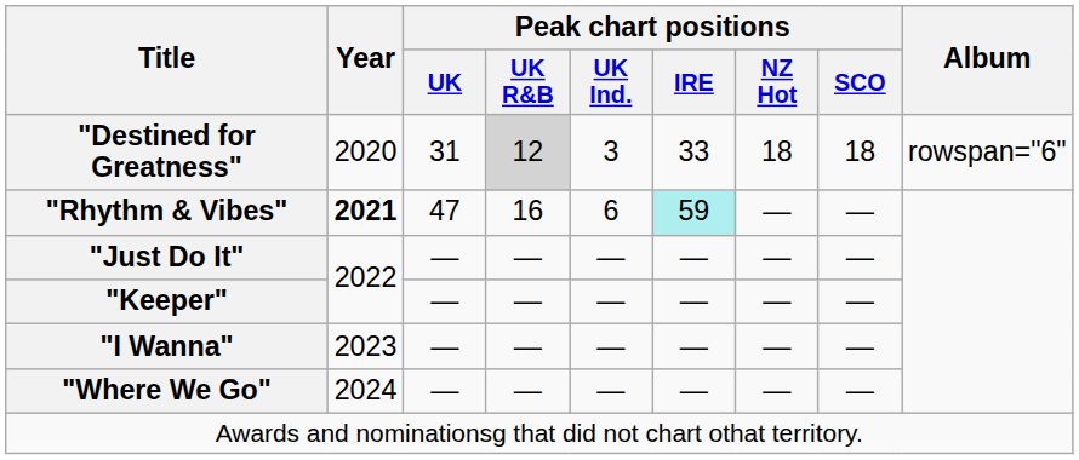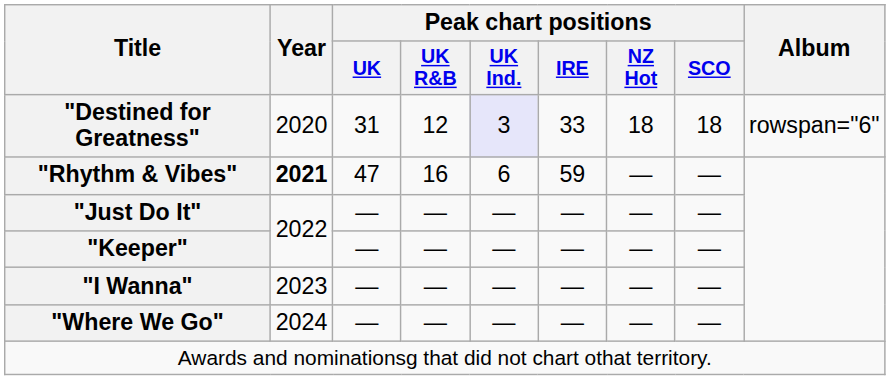 <table class="wikitable plainrowheaders" style="text-align:center;">
 <tr>
 <th scope="col" rowspan="2">Title</th>
 <th scope="col" rowspan="2">Year</th>
 <th scope="col" colspan="6">Peak chart positions</th>
 <th scope="col" rowspan="2">Album</th>
 </tr>
 <tr>
 <th scope="col" style="width:3em; font-size:85%;"><a href='#'>UK</a><br></th>
 <th scope="col" style="width:3em; font-size:85%;"><a href='#'>UK<br>R&B</a><br></th>
 <th scope="col" style="width:3em; font-size:85%;"><a href='#'>UK<br>Ind.</a><br></th>
 <th scope="col" style="width:3em; font-size:85%;"><a href='#'>IRE</a><br></th>
 <th scope="col" style="width:3em; font-size:85%;"><a href='#'>NZ Hot</a><br></th>
 <th scope="col" style="width:3em; font-size:85%;"><a href='#'>SCO</a><br></th>
 </tr>
 <tr>
 <th scope="row">"Destined for Greatness"<br></th>
 <td>2020</td>
 <td>31</td>
-<td style="background: lightgrey;">12</td>
-<td>3</td>
+<td>12</td>
+<td style="background: lavender;">3</td>
 <td>33</td>
 <td>18</td>
 <td>18</td>
 <td>rowspan="6" </td>
 </tr>
 <tr>
 <th scope="row">"Rhythm & Vibes"<br></th>
 <td><strong>2021</strong></td>
 <td>47</td>
 <td>16</td>
 <td>6</td>
-<td style="background: paleturquoise;">59</td>
+<td>59</td>
 <td>—</td>
 <td>—</td>
 </tr>
 <tr>
 <th scope="Row">"Just Do It"<br></th>
 <td rowspan="2">2022</td>
 <td>—</td>
 <td>—</td>
 <td>—</td>
 <td>—</td>
 <td>—</td>
 <td>—</td>
 </tr>
 <tr>
 <th scope="Row">"Keeper"<br></th>
 <td>—</td>
 <td>—</td>
 <td>—</td>
 <td>—</td>
 <td>—</td>
 <td>—</td>
 </tr>
 <tr>
 <th scope="Row">"I Wanna"<br></th>
 <td>2023</td>
 <td>—</td>
 <td>—</td>
 <td>—</td>
 <td>—</td>
 <td>—</td>
 <td>—</td>
 </tr>
 <tr>
 <th scope="Row">"Where We Go"<br></th>
 <td>2024</td>
 <td>—</td>
 <td>—</td>
 <td>—</td>
 <td>—</td>
 <td>—</td>
 <td>—</td>
 </tr>
 <tr>
 <td colspan="14" style="font-size:90%">Awards and nominationsg that did not chart othat territory.</td>
 </tr>
 </table>
